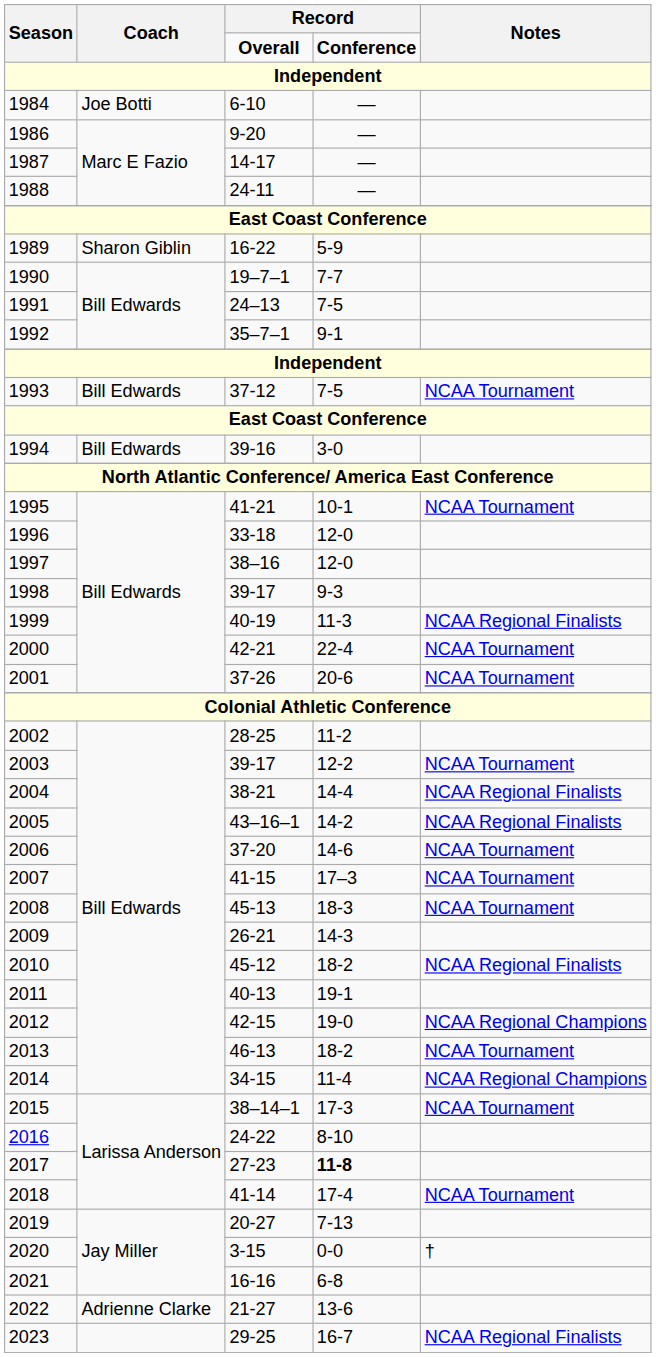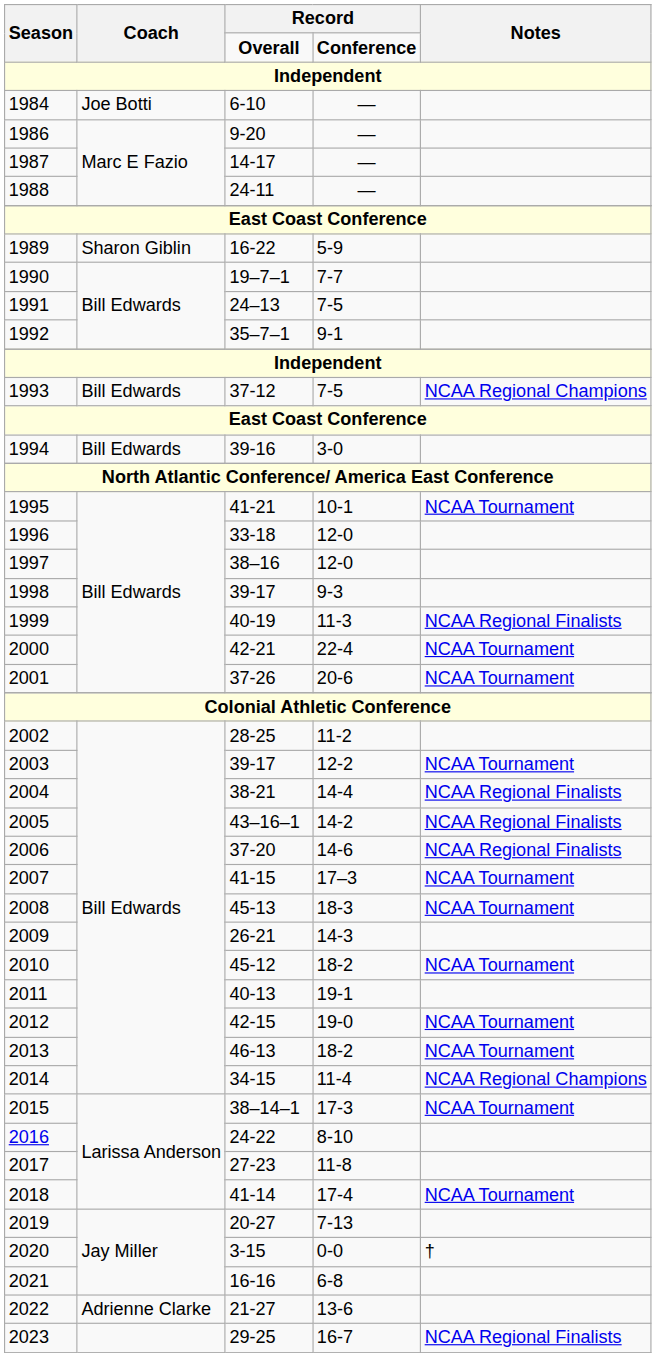 <table class="wikitable">
 <tr>
 <th rowspan="2">Season</th>
 <th rowspan="2">Coach</th>
 <th colspan="2">Record</th>
 <th rowspan="2">Notes</th>
 </tr>
 <tr>
 <td width="70px" align="center"><strong>Overall</strong></td>
 <td width="40px" align="center"><strong>Conference</strong></td>
 </tr>
 <tr style="background: #ffffdd;">
 <td colspan="5" style="text-align:center;"><strong>Independent</strong></td>
 </tr>
 <tr>
 <td>1984</td>
 <td>Joe Botti</td>
 <td>6-10</td>
 <td align="center">—</td>
 <td></td>
 </tr>
 <tr>
 <td>1986</td>
 <td rowspan="3">Marc E Fazio</td>
 <td>9-20</td>
 <td align="center">—</td>
 <td></td>
 </tr>
 <tr>
 <td>1987</td>
 <td>14-17</td>
 <td align="center">—</td>
 <td></td>
 </tr>
 <tr>
 <td>1988</td>
 <td>24-11</td>
 <td align="center">—</td>
 <td></td>
 </tr>
 <tr>
 </tr>
 <tr style="background: #ffffdd;">
 <td colspan="5" style="text-align:center;"><strong>East Coast Conference</strong></td>
 </tr>
 <tr>
 <td>1989</td>
 <td>Sharon Giblin</td>
 <td>16-22</td>
 <td>5-9</td>
 <td></td>
 </tr>
 <tr>
 <td>1990</td>
 <td rowspan="3">Bill Edwards</td>
 <td>19–7–1</td>
 <td>7-7</td>
 <td></td>
 </tr>
 <tr>
 <td>1991</td>
 <td>24–13</td>
 <td>7-5</td>
 <td></td>
 </tr>
 <tr>
 <td>1992</td>
 <td>35–7–1</td>
 <td>9-1</td>
 <td></td>
 </tr>
 <tr>
 </tr>
 <tr style="background: #ffffdd;">
 <td colspan="5" style="text-align:center;"><strong>Independent</strong></td>
 </tr>
 <tr>
 <td>1993</td>
 <td>Bill Edwards</td>
 <td>37-12</td>
 <td>7-5</td>
-<td><a href='#'>NCAA Tournament</a></td>
+<td><a href='#'>NCAA Regional Champions</a></td>
 </tr>
 <tr style="background: #ffffdd;">
 <td colspan="5" style="text-align:center;"><strong>East Coast Conference</strong></td>
 </tr>
 <tr>
 <td>1994</td>
 <td>Bill Edwards</td>
 <td>39-16</td>
 <td>3-0</td>
 </tr>
 <tr>
 </tr>
 <tr style="background: #ffffdd;">
 <td colspan="5" style="text-align:center;"><strong>North Atlantic Conference/ America East Conference</strong></td>
 </tr>
 <tr>
 <td>1995</td>
 <td rowspan="7">Bill Edwards</td>
 <td>41-21</td>
 <td>10-1</td>
 <td><a href='#'>NCAA Tournament</a></td>
 </tr>
 <tr>
 <td>1996</td>
 <td>33-18</td>
 <td>12-0</td>
 <td></td>
 </tr>
 <tr>
 <td>1997</td>
 <td>38–16</td>
 <td>12-0</td>
 <td></td>
 </tr>
 <tr>
 <td>1998</td>
 <td>39-17</td>
 <td>9-3</td>
 <td></td>
 </tr>
 <tr>
 <td>1999</td>
 <td>40-19</td>
 <td>11-3</td>
 <td><a href='#'>NCAA Regional Finalists</a></td>
 </tr>
 <tr>
 <td>2000</td>
 <td>42-21</td>
 <td>22-4</td>
 <td><a href='#'>NCAA Tournament</a></td>
 </tr>
 <tr>
 <td>2001</td>
 <td>37-26</td>
 <td>20-6</td>
 <td><a href='#'>NCAA Tournament</a></td>
 </tr>
 <tr>
 </tr>
 <tr style="background: #ffffdd;">
 <td colspan="5" style="text-align:center;"><strong>Colonial Athletic Conference</strong></td>
 </tr>
 <tr>
 <td>2002</td>
 <td rowspan="13">Bill Edwards</td>
 <td>28-25</td>
 <td>11-2</td>
 <td></td>
 </tr>
 <tr>
 <td>2003</td>
 <td>39-17</td>
 <td>12-2</td>
 <td><a href='#'>NCAA Tournament</a></td>
 </tr>
 <tr>
 <td>2004</td>
 <td>38-21</td>
 <td>14-4</td>
 <td><a href='#'>NCAA Regional Finalists</a></td>
 </tr>
 <tr>
 <td>2005</td>
 <td>43–16–1</td>
 <td>14-2</td>
 <td><a href='#'>NCAA Regional Finalists</a></td>
 </tr>
 <tr>
 <td>2006</td>
 <td>37-20</td>
 <td>14-6</td>
-<td><a href='#'>NCAA Tournament</a></td>
+<td><a href='#'>NCAA Regional Finalists</a></td>
 </tr>
 <tr>
 <td>2007</td>
 <td>41-15</td>
 <td>17–3</td>
 <td><a href='#'>NCAA Tournament</a></td>
 </tr>
 <tr>
 <td>2008</td>
 <td>45-13</td>
 <td>18-3</td>
 <td><a href='#'>NCAA Tournament</a></td>
 </tr>
 <tr>
 <td>2009</td>
 <td>26-21</td>
 <td>14-3</td>
 <td></td>
 </tr>
 <tr>
 <td>2010</td>
 <td>45-12</td>
 <td>18-2</td>
-<td><a href='#'>NCAA Regional Finalists</a></td>
+<td><a href='#'>NCAA Tournament</a></td>
 </tr>
 <tr>
 <td>2011</td>
 <td>40-13</td>
 <td>19-1</td>
 <td></td>
 </tr>
 <tr>
 <td>2012</td>
 <td>42-15</td>
 <td>19-0</td>
-<td><a href='#'>NCAA Regional Champions</a></td>
+<td><a href='#'>NCAA Tournament</a></td>
 </tr>
 <tr>
 <td>2013</td>
 <td>46-13</td>
 <td>18-2</td>
 <td><a href='#'>NCAA Tournament</a></td>
 </tr>
 <tr>
 <td>2014</td>
 <td>34-15</td>
 <td>11-4</td>
 <td><a href='#'>NCAA Regional Champions</a></td>
 </tr>
 <tr>
 <td>2015</td>
 <td rowspan="4">Larissa Anderson</td>
 <td>38–14–1</td>
 <td>17-3</td>
 <td><a href='#'>NCAA Tournament</a></td>
 </tr>
 <tr>
 <td><a href='#'>2016</a></td>
 <td>24-22</td>
 <td>8-10</td>
 <td></td>
 </tr>
 <tr>
 <td>2017</td>
 <td>27-23</td>
-<td><strong>11-8</strong></td>
+<td>11-8</td>
 <td></td>
 </tr>
 <tr>
 <td>2018</td>
 <td>41-14</td>
 <td>17-4</td>
 <td><a href='#'>NCAA Tournament</a></td>
 </tr>
 <tr>
 <td>2019</td>
 <td rowspan="3”">Jay Miller</td>
 <td>20-27</td>
 <td>7-13</td>
 <td></td>
 </tr>
 <tr>
 <td>2020</td>
 <td>3-15</td>
 <td>0-0</td>
 <td>†</td>
 </tr>
 <tr>
 <td>2021</td>
 <td>16-16</td>
 <td>6-8</td>
 <td></td>
 </tr>
 <tr>
 <td>2022</td>
 <td rowspan=“2”>Adrienne Clarke</td>
 <td>21-27</td>
 <td>13-6</td>
 <td></td>
 </tr>
 <tr>
 <td>2023</td>
 <td></td>
 <td>29-25</td>
 <td>16-7</td>
 <td><a href='#'>NCAA Regional Finalists</a></td>
 </tr>
 </table>
